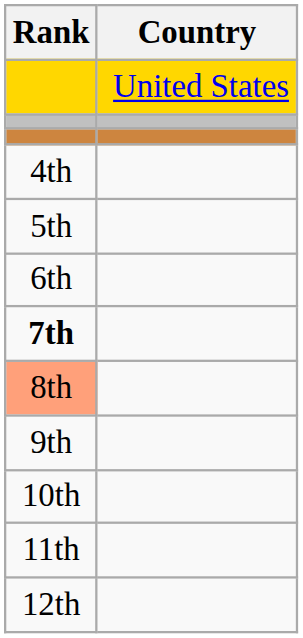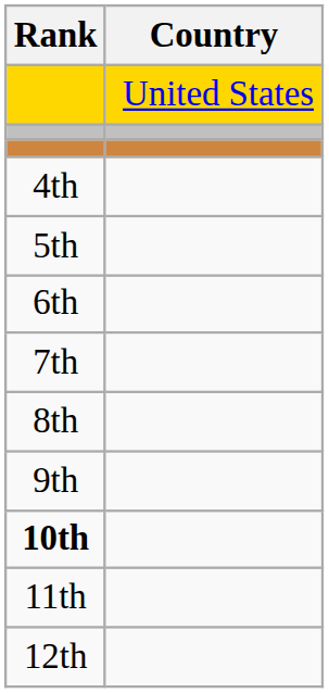 <table class="wikitable" style="font-size:90%;">
 <tr>
 <th>Rank</th>
 <th>Country</th>
 </tr>
 <tr bgcolor=Gold>
 <td></td>
 <td> <a href='#'>United States</a></td>
 </tr>
 <tr bgcolor=Silver>
 <td></td>
 <td></td>
 </tr>
 <tr bgcolor=Peru>
 <td></td>
 <td></td>
 </tr>
 <tr>
 <td align=center>4th</td>
 <td></td>
 </tr>
 <tr>
 <td align=center>5th</td>
 <td></td>
 </tr>
 <tr>
 <td align=center>6th</td>
 <td></td>
 </tr>
 <tr>
-<td align=center><strong>7th</strong></td>
+<td align=center>7th</td>
 <td></td>
 </tr>
 <tr>
-<td align=center style="background: lightsalmon;">8th</td>
+<td align=center>8th</td>
 <td></td>
 </tr>
 <tr>
 <td align=center>9th</td>
 <td></td>
 </tr>
 <tr>
-<td align=center>10th</td>
+<td align=center><strong>10th</strong></td>
 <td></td>
 </tr>
 <tr>
 <td align=center>11th</td>
 <td></td>
 </tr>
 <tr>
 <td align=center>12th</td>
 <td></td>
 </tr>
 </table>
